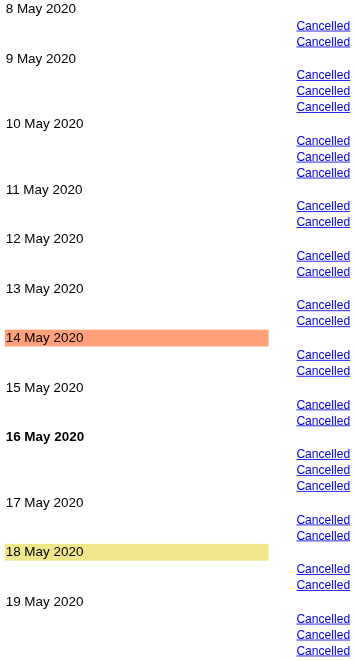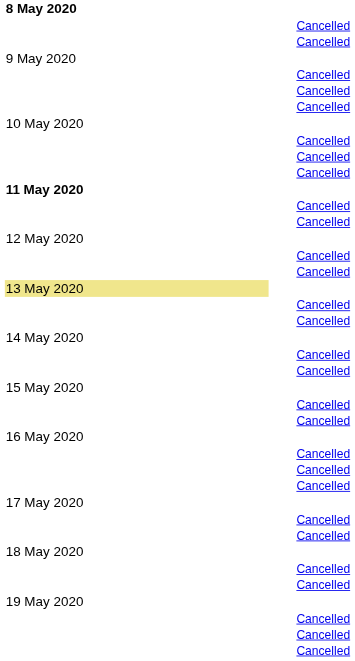 <table style="width:100%;" cellspacing="1">
 <tr>
 <th width=25%></th>
 <th width=2%></th>
 <th width=6%></th>
 <th width=2%></th>
 <th width=25%></th>
 </tr>
 <tr>
-<td>8 May 2020</td>
+<td><strong>8 May 2020</strong></td>
 </tr>
 <tr style=font-size:90%>
 <td align=right></td>
 <td></td>
 <td align=center><a href='#'>Cancelled</a></td>
 <td></td>
 <td></td>
 <td></td>
 </tr>
 <tr style=font-size:90%>
 <td align=right></td>
 <td></td>
 <td align=center><a href='#'>Cancelled</a></td>
 <td></td>
 <td></td>
 <td></td>
 </tr>
 <tr>
 <td>9 May 2020</td>
 </tr>
 <tr style=font-size:90%>
 <td align=right></td>
 <td></td>
 <td align=center><a href='#'>Cancelled</a></td>
 <td></td>
 <td></td>
 <td></td>
 </tr>
 <tr style=font-size:90%>
 <td align=right></td>
 <td></td>
 <td align=center><a href='#'>Cancelled</a></td>
 <td></td>
 <td></td>
 <td></td>
 </tr>
 <tr style=font-size:90%>
 <td align=right></td>
 <td></td>
 <td align=center><a href='#'>Cancelled</a></td>
 <td></td>
 <td></td>
 <td></td>
 </tr>
 <tr>
 <td>10 May 2020</td>
 </tr>
 <tr style=font-size:90%>
 <td align=right></td>
 <td></td>
 <td align=center><a href='#'>Cancelled</a></td>
 <td></td>
 <td></td>
 <td></td>
 </tr>
 <tr style=font-size:90%>
 <td align=right></td>
 <td></td>
 <td align=center><a href='#'>Cancelled</a></td>
 <td></td>
 <td></td>
 <td></td>
 </tr>
 <tr style=font-size:90%>
 <td align=right></td>
 <td></td>
 <td align=center><a href='#'>Cancelled</a></td>
 <td></td>
 <td></td>
 <td></td>
 </tr>
 <tr>
-<td>11 May 2020</td>
+<td><strong>11 May 2020</strong></td>
 </tr>
 <tr style=font-size:90%>
 <td align=right></td>
 <td></td>
 <td align=center><a href='#'>Cancelled</a></td>
 <td></td>
 <td></td>
 <td></td>
 </tr>
 <tr style=font-size:90%>
 <td align=right></td>
 <td></td>
 <td align=center><a href='#'>Cancelled</a></td>
 <td></td>
 <td></td>
 <td></td>
 </tr>
 <tr>
 <td>12 May 2020</td>
 </tr>
 <tr style=font-size:90%>
 <td align=right></td>
 <td></td>
 <td align=center><a href='#'>Cancelled</a></td>
 <td></td>
 <td></td>
 <td></td>
 </tr>
 <tr style=font-size:90%>
 <td align=right></td>
 <td></td>
 <td align=center><a href='#'>Cancelled</a></td>
 <td></td>
 <td></td>
 <td></td>
 </tr>
 <tr>
-<td>13 May 2020</td>
+<td style="background: khaki;">13 May 2020</td>
 </tr>
 <tr style=font-size:90%>
 <td align=right></td>
 <td></td>
 <td align=center><a href='#'>Cancelled</a></td>
 <td></td>
 <td></td>
 <td></td>
 </tr>
 <tr style=font-size:90%>
 <td align=right></td>
 <td></td>
 <td align=center><a href='#'>Cancelled</a></td>
 <td></td>
 <td></td>
 <td></td>
 </tr>
 <tr>
-<td style="background: lightsalmon;">14 May 2020</td>
+<td>14 May 2020</td>
 </tr>
 <tr style=font-size:90%>
 <td align=right></td>
 <td></td>
 <td align=center><a href='#'>Cancelled</a></td>
 <td></td>
 <td></td>
 <td></td>
 </tr>
 <tr style=font-size:90%>
 <td align=right></td>
 <td></td>
 <td align=center><a href='#'>Cancelled</a></td>
 <td></td>
 <td></td>
 <td></td>
 </tr>
 <tr>
 <td>15 May 2020</td>
 </tr>
 <tr style=font-size:90%>
 <td align=right></td>
 <td></td>
 <td align=center><a href='#'>Cancelled</a></td>
 <td></td>
 <td></td>
 <td></td>
 </tr>
 <tr style=font-size:90%>
 <td align=right></td>
 <td></td>
 <td align=center><a href='#'>Cancelled</a></td>
 <td></td>
 <td></td>
 <td></td>
 </tr>
 <tr>
-<td><strong>16 May 2020</strong></td>
+<td>16 May 2020</td>
 </tr>
 <tr style=font-size:90%>
 <td align=right></td>
 <td></td>
 <td align=center><a href='#'>Cancelled</a></td>
 <td></td>
 <td></td>
 <td></td>
 </tr>
 <tr style=font-size:90%>
 <td align=right></td>
 <td></td>
 <td align=center><a href='#'>Cancelled</a></td>
 <td></td>
 <td></td>
 <td></td>
 </tr>
 <tr style=font-size:90%>
 <td align=right></td>
 <td></td>
 <td align=center><a href='#'>Cancelled</a></td>
 <td></td>
 <td></td>
 <td></td>
 </tr>
 <tr>
 <td>17 May 2020</td>
 </tr>
 <tr style=font-size:90%>
 <td align=right></td>
 <td></td>
 <td align=center><a href='#'>Cancelled</a></td>
 <td></td>
 <td></td>
 <td></td>
 </tr>
 <tr style=font-size:90%>
 <td align=right></td>
 <td></td>
 <td align=center><a href='#'>Cancelled</a></td>
 <td></td>
 <td></td>
 <td></td>
 </tr>
 <tr>
-<td style="background: khaki;">18 May 2020</td>
+<td>18 May 2020</td>
 </tr>
 <tr style=font-size:90%>
 <td align=right></td>
 <td></td>
 <td align=center><a href='#'>Cancelled</a></td>
 <td></td>
 <td></td>
 <td></td>
 </tr>
 <tr style=font-size:90%>
 <td align=right></td>
 <td></td>
 <td align=center><a href='#'>Cancelled</a></td>
 <td></td>
 <td></td>
 <td></td>
 </tr>
 <tr>
 <td>19 May 2020</td>
 </tr>
 <tr style=font-size:90%>
 <td align=right></td>
 <td></td>
 <td align=center><a href='#'>Cancelled</a></td>
 <td></td>
 <td></td>
 <td></td>
 </tr>
 <tr style=font-size:90%>
 <td align=right></td>
 <td></td>
 <td align=center><a href='#'>Cancelled</a></td>
 <td></td>
 <td></td>
 <td></td>
 </tr>
 <tr style=font-size:90%>
 <td align=right></td>
 <td></td>
 <td align=center><a href='#'>Cancelled</a></td>
 <td></td>
 <td></td>
 <td></td>
 </tr>
 </table>
